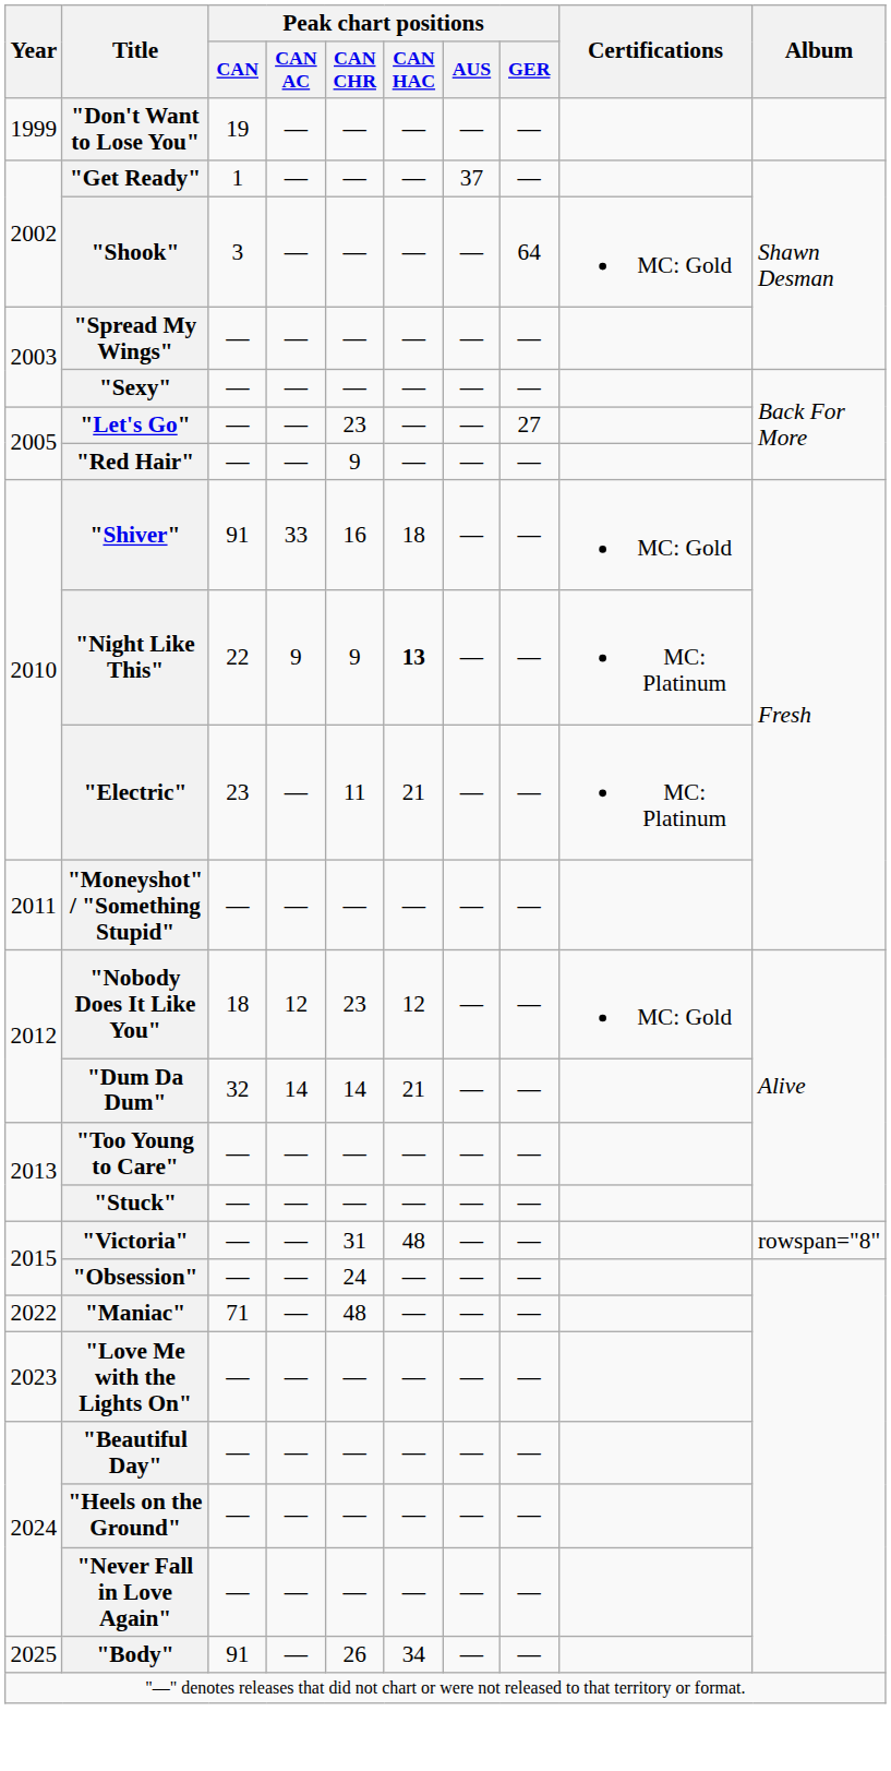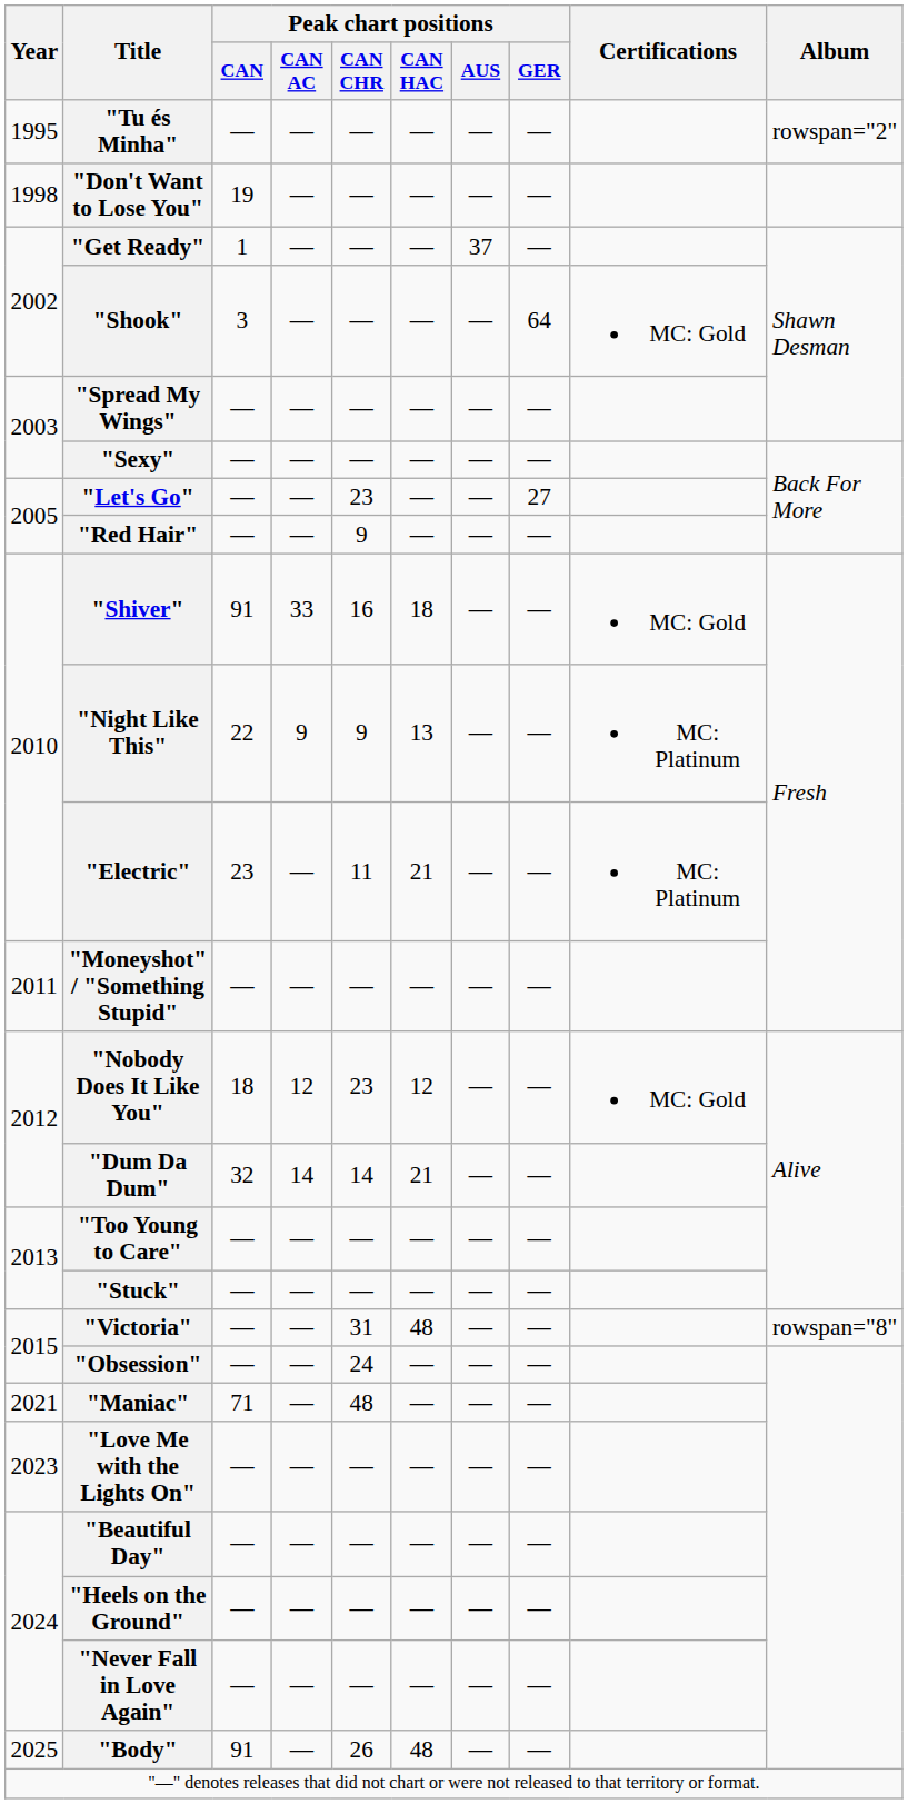 <table class="wikitable plainrowheaders" style="text-align:center;">
 <tr>
 <th rowspan="2">Year</th>
 <th rowspan="2">Title</th>
 <th colspan="6">Peak chart positions</th>
 <th rowspan="2" style="width:10em;">Certifications</th>
 <th rowspan="2">Album</th>
 </tr>
 <tr style="font-size:smaller;">
 <th style="width:3em;"><a href='#'>CAN</a><br></th>
 <th style="width:3em;"><a href='#'>CAN AC</a><br></th>
 <th style="width:3em;"><a href='#'>CAN CHR</a><br></th>
 <th style="width:3em;"><a href='#'>CAN HAC</a><br></th>
 <th style="width:3em;"><a href='#'>AUS</a><br></th>
 <th style="width:3em;"><a href='#'>GER</a><br></th>
 </tr>
 <tr>
-<td>1999</td>
+<td>1995</td>
+<th scope="row">"Tu és Minha"</th>
+<td>—</td>
+<td>—</td>
+<td>—</td>
+<td>—</td>
+<td>—</td>
+<td>—</td>
+<td></td>
+<td>rowspan="2" </td>
+</tr>
+<tr>
+<td>1998</td>
 <th scope="row">"Don't Want to Lose You"</th>
 <td>19</td>
 <td>—</td>
 <td>—</td>
 <td>—</td>
 <td>—</td>
 <td>—</td>
 <td></td>
 </tr>
 <tr>
 <td rowspan="2">2002</td>
 <th scope="row">"Get Ready"</th>
 <td>1</td>
 <td>—</td>
 <td>—</td>
 <td>—</td>
 <td>37</td>
 <td>—</td>
 <td></td>
 <td style="text-align:left;" rowspan="3"><em>Shawn Desman</em></td>
 </tr>
 <tr>
 <th scope="row">"Shook"</th>
 <td>3</td>
 <td>—</td>
 <td>—</td>
 <td>—</td>
 <td>—</td>
 <td>64</td>
 <td><br><ul><li>MC: Gold</li></ul></td>
 </tr>
 <tr>
 <td rowspan="2">2003</td>
 <th scope="row">"Spread My Wings"</th>
 <td>—</td>
 <td>—</td>
 <td>—</td>
 <td>—</td>
 <td>—</td>
 <td>—</td>
 <td></td>
 </tr>
 <tr>
 <th scope="row">"Sexy"</th>
 <td>—</td>
 <td>—</td>
 <td>—</td>
 <td>—</td>
 <td>—</td>
 <td>—</td>
 <td></td>
 <td rowspan="3" style="text-align:left;"><em>Back For More</em></td>
 </tr>
 <tr>
 <td rowspan="2">2005</td>
 <th scope="row">"<a href='#'>Let's Go</a>"</th>
 <td>—</td>
 <td>—</td>
 <td>23</td>
 <td>—</td>
 <td>—</td>
 <td>27</td>
 <td></td>
 </tr>
 <tr>
 <th scope="row">"Red Hair"</th>
 <td>—</td>
 <td>—</td>
 <td>9</td>
 <td>—</td>
 <td>—</td>
 <td>—</td>
 <td></td>
 </tr>
 <tr>
 <td rowspan="3">2010</td>
 <th scope="row">"<a href='#'>Shiver</a>"</th>
 <td>91</td>
 <td>33</td>
 <td>16</td>
 <td>18</td>
 <td>—</td>
 <td>—</td>
 <td><br><ul><li>MC: Gold</li></ul></td>
 <td style="text-align:left;" rowspan="4"><em>Fresh</em></td>
 </tr>
 <tr>
 <th scope="row">"Night Like This"</th>
 <td>22</td>
 <td>9</td>
 <td>9</td>
-<td><strong>13</strong></td>
+<td>13</td>
 <td>—</td>
 <td>—</td>
 <td><br><ul><li>MC: Platinum</li></ul></td>
 </tr>
 <tr>
 <th scope="row">"Electric"</th>
 <td>23</td>
 <td>—</td>
 <td>11</td>
 <td>21</td>
 <td>—</td>
 <td>—</td>
 <td><br><ul><li>MC: Platinum</li></ul></td>
 </tr>
 <tr>
 <td>2011</td>
 <th scope="row">"Moneyshot" / "Something Stupid"</th>
 <td>—</td>
 <td>—</td>
 <td>—</td>
 <td>—</td>
 <td>—</td>
 <td>—</td>
 <td></td>
 </tr>
 <tr>
 <td rowspan="2">2012</td>
 <th scope="row">"Nobody Does It Like You"</th>
 <td>18</td>
 <td>12</td>
 <td>23</td>
 <td>12</td>
 <td>—</td>
 <td>—</td>
 <td><br><ul><li>MC: Gold</li></ul></td>
 <td style="text-align:left;" rowspan="4"><em>Alive</em></td>
 </tr>
 <tr>
 <th scope="row">"Dum Da Dum"</th>
 <td>32</td>
 <td>14</td>
 <td>14</td>
 <td>21</td>
 <td>—</td>
 <td>—</td>
 <td></td>
 </tr>
 <tr>
 <td rowspan="2">2013</td>
 <th scope="row">"Too Young to Care"</th>
 <td>—</td>
 <td>—</td>
 <td>—</td>
 <td>—</td>
 <td>—</td>
 <td>—</td>
 <td></td>
 </tr>
 <tr>
 <th scope="row">"Stuck"</th>
 <td>—</td>
 <td>—</td>
 <td>—</td>
 <td>—</td>
 <td>—</td>
 <td>—</td>
 <td></td>
 </tr>
 <tr>
 <td rowspan="2">2015</td>
 <th scope="row">"Victoria"</th>
 <td>—</td>
 <td>—</td>
 <td>31</td>
 <td>48</td>
 <td>—</td>
 <td>—</td>
 <td></td>
 <td>rowspan="8" </td>
 </tr>
 <tr>
 <th scope="row">"Obsession"</th>
 <td>—</td>
 <td>—</td>
 <td>24</td>
 <td>—</td>
 <td>—</td>
 <td>—</td>
 <td></td>
 </tr>
 <tr>
-<td>2022</td>
+<td>2021</td>
 <th scope="row">"Maniac"</th>
 <td>71</td>
 <td>—</td>
 <td>48</td>
 <td>—</td>
 <td>—</td>
 <td>—</td>
 <td></td>
 </tr>
 <tr>
 <td>2023</td>
 <th scope="row">"Love Me with the Lights On"</th>
 <td>—</td>
 <td>—</td>
 <td>—</td>
 <td>—</td>
 <td>—</td>
 <td>—</td>
 <td></td>
 </tr>
 <tr>
 <td rowspan="3">2024</td>
 <th scope="row">"Beautiful Day"</th>
 <td>—</td>
 <td>—</td>
 <td>—</td>
 <td>—</td>
 <td>—</td>
 <td>—</td>
 <td></td>
 </tr>
 <tr>
 <th scope="row">"Heels on the Ground"</th>
 <td>—</td>
 <td>—</td>
 <td>—</td>
 <td>—</td>
 <td>—</td>
 <td>—</td>
 <td></td>
 </tr>
 <tr>
 <th scope="row">"Never Fall in Love Again"</th>
 <td>—</td>
 <td>—</td>
 <td>—</td>
 <td>—</td>
 <td>—</td>
 <td>—</td>
 <td></td>
 </tr>
 <tr>
 <td>2025</td>
 <th scope="row">"Body"<br></th>
 <td>91</td>
 <td>—</td>
 <td>26</td>
-<td>34</td>
+<td>48</td>
 <td>—</td>
 <td>—</td>
 <td></td>
 </tr>
 <tr>
 <td colspan="10" style="font-size:9pt">"—" denotes releases that did not chart or were not released to that territory or format.</td>
 </tr>
 </table>
